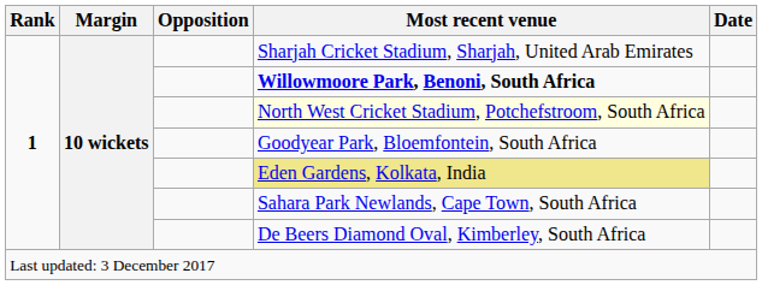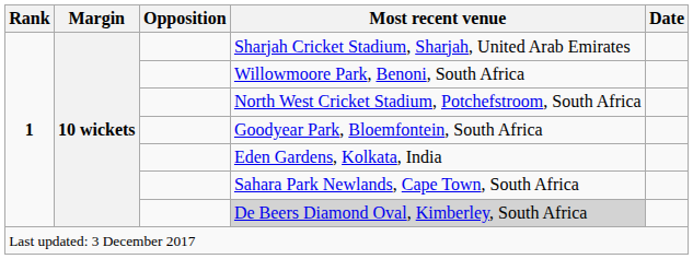 <table class="wikitable plainrowheaders sortable">
 <tr>
 <th scope=col>Rank</th>
 <th scope=col>Margin</th>
 <th scope=col>Opposition</th>
 <th scope=col>Most recent venue</th>
 <th scope=col>Date</th>
 </tr>
 <tr>
 <td align=center rowspan=7><strong>1</strong></td>
 <th scope=row style=text-align:center rowspan=7>10 wickets</th>
 <td></td>
 <td><a href='#'>Sharjah Cricket Stadium</a>, <a href='#'>Sharjah</a>, United Arab Emirates</td>
 <td></td>
 </tr>
 <tr>
 <td></td>
-<td><strong><a href='#'>Willowmoore Park</a>, <a href='#'>Benoni</a>, South Africa</strong></td>
+<td><a href='#'>Willowmoore Park</a>, <a href='#'>Benoni</a>, South Africa</td>
 <td></td>
 </tr>
 <tr>
 <td></td>
-<td style="background: lightyellow;"><a href='#'>North West Cricket Stadium</a>, <a href='#'>Potchefstroom</a>, South Africa</td>
+<td><a href='#'>North West Cricket Stadium</a>, <a href='#'>Potchefstroom</a>, South Africa</td>
 <td> </td>
 </tr>
 <tr>
 <td></td>
 <td><a href='#'>Goodyear Park</a>, <a href='#'>Bloemfontein</a>, South Africa</td>
 <td> </td>
 </tr>
 <tr>
 <td></td>
-<td style="background: khaki;"><a href='#'>Eden Gardens</a>, <a href='#'>Kolkata</a>, India</td>
+<td><a href='#'>Eden Gardens</a>, <a href='#'>Kolkata</a>, India</td>
 <td></td>
 </tr>
 <tr>
 <td></td>
 <td><a href='#'>Sahara Park Newlands</a>, <a href='#'>Cape Town</a>, South Africa</td>
 <td></td>
 </tr>
 <tr>
 <td></td>
-<td><a href='#'>De Beers Diamond Oval</a>, <a href='#'>Kimberley</a>, South Africa</td>
+<td style="background: lightgrey;"><a href='#'>De Beers Diamond Oval</a>, <a href='#'>Kimberley</a>, South Africa</td>
 <td></td>
 </tr>
 <tr>
 </tr>
 <tr class=sortbottom>
 <td colspan=5><small>Last updated: 3 December 2017</small></td>
 </tr>
 </table>
